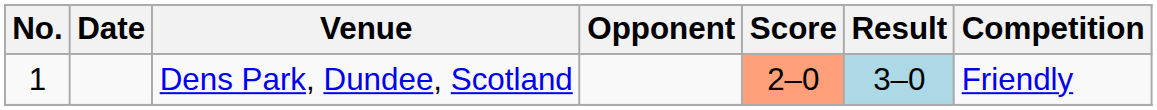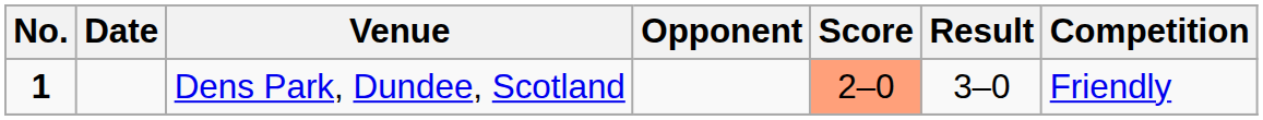 <table class="wikitable sortable">
 <tr>
 <th scope="col">No.</th>
 <th scope="col">Date</th>
 <th scope="col">Venue</th>
 <th scope="col">Opponent</th>
 <th scope="col">Score</th>
 <th scope="col">Result</th>
 <th scope="col">Competition</th>
 </tr>
 <tr>
-<td style="text-align:center">1</td>
+<td style="text-align:center"><strong>1</strong></td>
 <td></td>
 <td><a href='#'>Dens Park</a>, <a href='#'>Dundee</a>, <a href='#'>Scotland</a></td>
 <td></td>
 <td style="background: lightsalmon; text-align:center">2–0</td>
-<td style="background: lightblue; text-align:center">3–0</td>
+<td style="text-align:center">3–0</td>
 <td><a href='#'>Friendly</a></td>
 </tr>
 <tr>
 </tr>
 </table>
